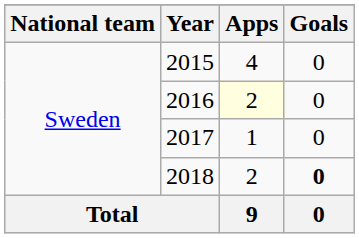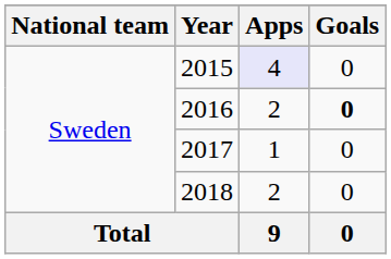 <table class="wikitable" style="text-align:center;">
 <tr>
 </tr>
 <tr>
 <th>National team</th>
 <th>Year</th>
 <th>Apps</th>
 <th>Goals</th>
 </tr>
 <tr>
 <td rowspan="4"><a href='#'>Sweden</a></td>
 <td>2015</td>
-<td>4</td>
+<td style="background: lavender;">4</td>
 <td>0</td>
 </tr>
 <tr>
 <td>2016</td>
-<td style="background: lightyellow;">2</td>
-<td>0</td>
+<td>2</td>
+<td><strong>0</strong></td>
 </tr>
 <tr>
 <td>2017</td>
 <td>1</td>
 <td>0</td>
 </tr>
 <tr>
 <td>2018</td>
 <td>2</td>
-<td><strong>0</strong></td>
+<td>0</td>
 </tr>
 <tr>
 <th colspan=2>Total</th>
 <th>9</th>
 <th>0</th>
 </tr>
 </table>
